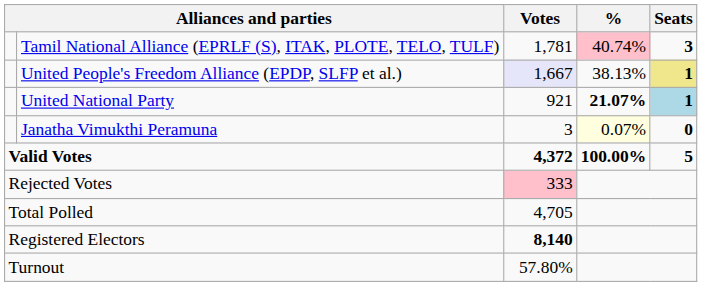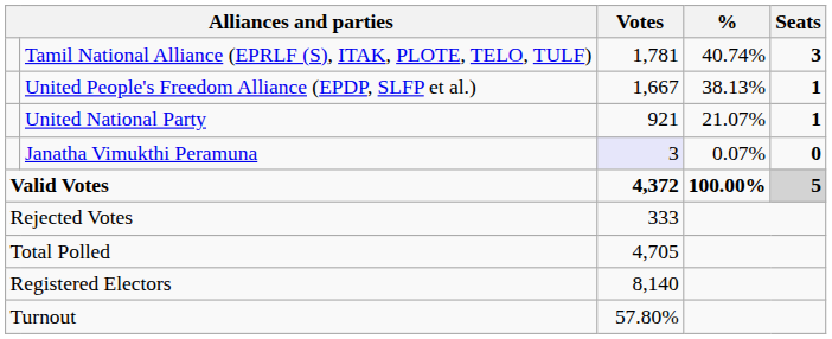 <table class="wikitable" border="1" style="text-align:right;">
 <tr>
 <th valign=bottom align=left colspan=2>Alliances and parties</th>
 <th valign=bottom align=center width="60">Votes</th>
 <th valign=bottom align=center width="50">%</th>
 <th valign=bottom align=center>Seats</th>
 </tr>
 <tr>
 <td bgcolor=> </td>
 <td align=left><a href='#'>Tamil National Alliance</a> (<a href='#'>EPRLF (S)</a>, <a href='#'>ITAK</a>, <a href='#'>PLOTE</a>, <a href='#'>TELO</a>, <a href='#'>TULF</a>)</td>
 <td>1,781</td>
-<td style="background: pink;">40.74%</td>
+<td>40.74%</td>
 <td><strong>3</strong></td>
 </tr>
 <tr>
 <td bgcolor=> </td>
 <td align=left><a href='#'>United People's Freedom Alliance</a> (<a href='#'>EPDP</a>, <a href='#'>SLFP</a> et al.)</td>
-<td style="background: lavender;">1,667</td>
+<td>1,667</td>
 <td>38.13%</td>
-<td style="background: khaki;"><strong>1</strong></td>
+<td><strong>1</strong></td>
 </tr>
 <tr>
 <td bgcolor=> </td>
 <td align=left><a href='#'>United National Party</a></td>
 <td>921</td>
-<td><strong>21.07%</strong></td>
-<td style="background: lightblue;"><strong>1</strong></td>
+<td>21.07%</td>
+<td><strong>1</strong></td>
 </tr>
 <tr>
 <td bgcolor=> </td>
 <td align=left><a href='#'>Janatha Vimukthi Peramuna</a></td>
-<td>3</td>
-<td style="background: lightyellow;">0.07%</td>
+<td style="background: lavender;">3</td>
+<td>0.07%</td>
 <td><strong>0</strong></td>
 </tr>
 <tr>
 <td colspan=2 align=left><strong>Valid Votes</strong></td>
 <td><strong>4,372</strong></td>
 <td><strong>100.00%</strong></td>
-<td><strong>5</strong></td>
+<td style="background: lightgrey;"><strong>5</strong></td>
 </tr>
 <tr>
 <td colspan=2 align=left>Rejected Votes</td>
-<td style="background: pink;">333</td>
+<td>333</td>
 <td colspan=2></td>
 </tr>
 <tr>
 <td colspan=2 align=left>Total Polled</td>
 <td>4,705</td>
 <td colspan=2></td>
 </tr>
 <tr>
 <td colspan=2 align=left>Registered Electors</td>
-<td><strong>8,140</strong></td>
+<td>8,140</td>
 <td colspan=2></td>
 </tr>
 <tr>
 <td colspan=2 align=left>Turnout</td>
 <td>57.80%</td>
 <td colspan=2></td>
 </tr>
 </table>
